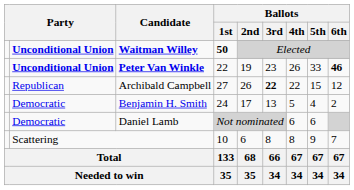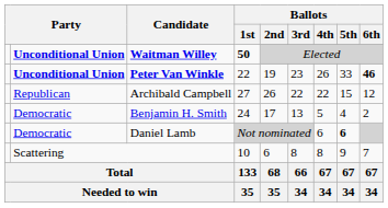 <table class="wikitable sortable">
 <tr>
 <th colspan="2" rowspan="2" class="unsortable">Party</th>
 <th rowspan="2" class="unsortable">Candidate</th>
 <th colspan="6">Ballots</th>
 </tr>
 <tr>
 <th>1st</th>
 <th>2nd</th>
 <th>3rd</th>
 <th>4th</th>
 <th>5th</th>
 <th>6th</th>
 </tr>
 <tr>
 <td style="background-color:"></td>
 <td><strong><a href='#'>Unconditional Union</a></strong></td>
 <td><a href='#'><strong>Waitman Willey</strong></a></td>
 <td><strong>50</strong></td>
 <td colspan="5" style="background:lightgrey; text-align:center"><em>Elected</em></td>
 </tr>
 <tr>
 <td style="background-color:"></td>
 <td><strong><a href='#'>Unconditional Union</a></strong></td>
 <td><a href='#'><strong>Peter Van Winkle</strong></a></td>
 <td>22</td>
 <td>19</td>
 <td>23</td>
 <td>26</td>
 <td>33</td>
 <td><strong>46</strong></td>
 </tr>
 <tr>
 <td style="background-color:"></td>
 <td><a href='#'>Republican</a></td>
 <td>Archibald Campbell</td>
 <td>27</td>
 <td>26</td>
-<td><strong>22</strong></td>
+<td>22</td>
 <td>22</td>
 <td>15</td>
 <td>12</td>
 </tr>
 <tr>
 <td style="background-color:"></td>
 <td><a href='#'>Democratic</a></td>
 <td><a href='#'>Benjamin H. Smith</a></td>
 <td>24</td>
 <td>17</td>
 <td>13</td>
 <td>5</td>
 <td>4</td>
 <td>2</td>
 </tr>
 <tr>
 <td style="background-color:"></td>
 <td><a href='#'>Democratic</a></td>
 <td>Daniel Lamb</td>
 <td colspan="3" style="background:lightgrey; text-align:center"><em>Not nominated</em></td>
 <td>6</td>
-<td>6</td>
+<td><strong>6</strong></td>
 <td style="background:lightgrey; text-align:center"><em></em></td>
 </tr>
 <tr class="sortbottom static-row-header">
 <td></td>
 <td colspan="2">Scattering</td>
 <td>10</td>
 <td>6</td>
 <td>8</td>
 <td>8</td>
 <td>9</td>
 <td>7</td>
 </tr>
 <tr>
 <th colspan="3">Total</th>
 <th>133</th>
 <th>68</th>
 <th>66</th>
 <th>67</th>
 <th>67</th>
 <th>67</th>
 </tr>
 <tr>
 <th colspan="3">Needed to win</th>
 <th>35</th>
 <th>35</th>
 <th>34</th>
 <th>34</th>
 <th>34</th>
 <th>34</th>
 </tr>
 </table>
